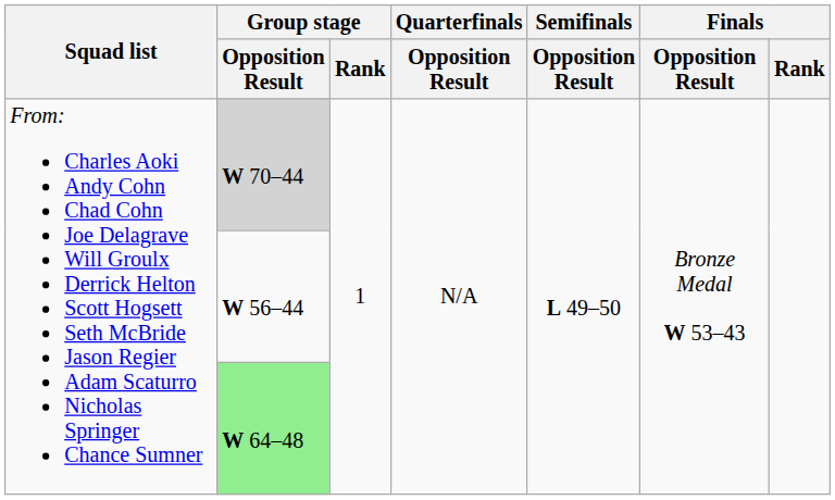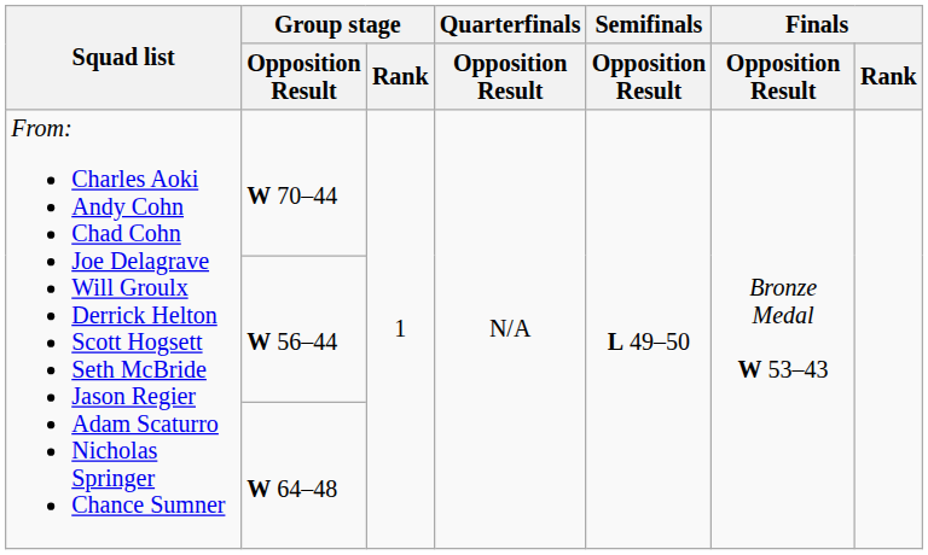 <table class=wikitable>
 <tr>
 <th rowspan="2">Squad list</th>
 <th colspan="2">Group stage</th>
 <th>Quarterfinals</th>
 <th>Semifinals</th>
 <th colspan="2">Finals</th>
 </tr>
 <tr>
 <th>Opposition<br>Result</th>
 <th>Rank</th>
 <th>Opposition<br>Result</th>
 <th>Opposition<br>Result</th>
 <th>Opposition<br>Result</th>
 <th>Rank</th>
 </tr>
 <tr>
 <td rowspan="3"><em>From:</em><br><ul><li><a href='#'>Charles Aoki</a></li><li><a href='#'>Andy Cohn</a></li><li><a href='#'>Chad Cohn</a></li><li><a href='#'>Joe Delagrave</a></li><li><a href='#'>Will Groulx</a></li><li><a href='#'>Derrick Helton</a></li><li><a href='#'>Scott Hogsett</a></li><li><a href='#'>Seth McBride</a></li><li><a href='#'>Jason Regier</a></li><li><a href='#'>Adam Scaturro</a></li><li><a href='#'>Nicholas Springer</a></li><li><a href='#'>Chance Sumner</a></li></ul></td>
-<td align="left" style="background: lightgrey;"><br><strong>W</strong> 70–44</td>
+<td align="left"><br><strong>W</strong> 70–44</td>
 <td style="text-align:center;" rowspan="3">1</td>
 <td style="text-align:center;" rowspan="3">N/A</td>
 <td style="text-align:center;" rowspan="3"><br><strong>L</strong> 49–50</td>
 <td style="text-align:center;" rowspan="3"><em>Bronze Medal</em><br><br><strong>W</strong> 53–43</td>
 <td style="text-align:center;" rowspan="3"></td>
 </tr>
 <tr>
 <td align="left"><br><strong>W</strong> 56–44</td>
 </tr>
 <tr>
-<td align="left" style="background: lightgreen;"><br><strong>W</strong> 64–48</td>
+<td align="left"><br><strong>W</strong> 64–48</td>
 </tr>
 </table>
